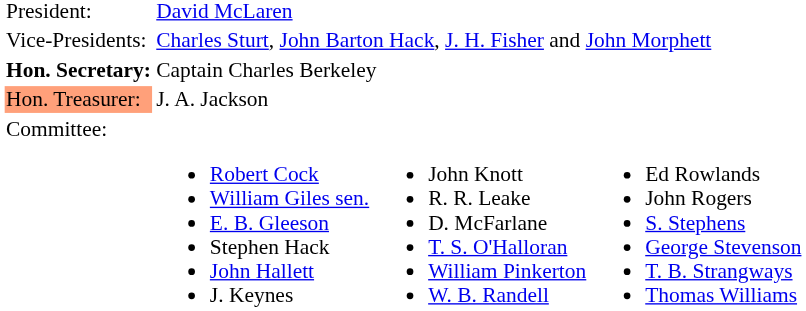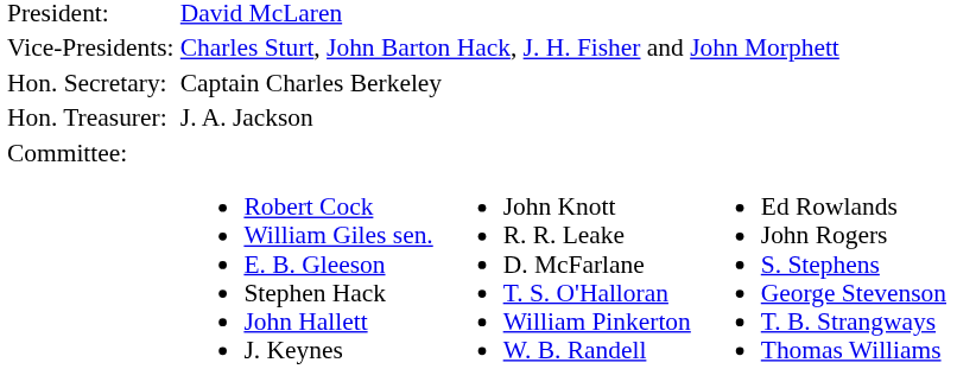 <table>
 <tr>
 <td>President:</td>
 <td colspan=6><a href='#'>David McLaren</a></td>
 </tr>
 <tr>
 <td>Vice-Presidents:</td>
 <td colspan=6><a href='#'>Charles Sturt</a>, <a href='#'>John Barton Hack</a>, <a href='#'>J. H. Fisher</a> and <a href='#'>John Morphett</a></td>
 </tr>
 <tr>
-<td><strong>Hon. Secretary:</strong></td>
+<td>Hon. Secretary:</td>
 <td colspan=6>Captain Charles Berkeley</td>
 </tr>
 <tr>
-<td style="background: lightsalmon;">Hon. Treasurer:</td>
+<td>Hon. Treasurer:</td>
 <td colspan=6>J. A. Jackson </td>
 </tr>
 <tr valign=top>
 <td>Committee:</td>
 <td><br><ul><li><a href='#'>Robert Cock</a></li><li><a href='#'>William Giles sen.</a></li><li><a href='#'>E. B. Gleeson</a></li><li>Stephen Hack</li><li><a href='#'>John Hallett</a></li><li>J. Keynes</li></ul></td>
 <td><br><ul><li>John Knott</li><li>R. R. Leake</li><li>D. McFarlane</li><li><a href='#'>T. S. O'Halloran</a></li><li><a href='#'>William Pinkerton</a></li><li><a href='#'>W. B. Randell</a></li></ul></td>
 <td><br><ul><li>Ed Rowlands </li><li>John Rogers</li><li><a href='#'>S. Stephens</a></li><li><a href='#'>George Stevenson</a></li><li><a href='#'>T. B. Strangways</a></li><li><a href='#'>Thomas Williams</a></li></ul></td>
 </tr>
 </table>
